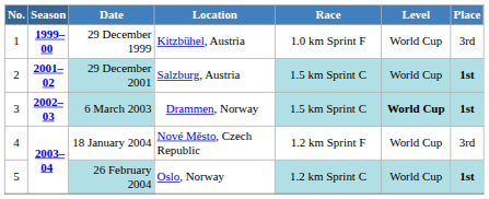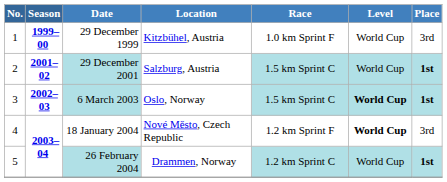 <table class="wikitable sortable" style="font-size:95%; text-align:center; border:grey solid 1px; border-collapse:collapse; background:#ffffff;">
 <tr style="background:#efefef;">
 <th style="background-color:#369; color:white;">No.</th>
 <th style="background-color:#369; color:white;">Season</th>
 <th style="background-color:#4180be; color:white; width:120px;">Date</th>
 <th style="background-color:#4180be; color:white; width:185px;">Location</th>
 <th style="background-color:#4180be; color:white; width:170px;">Race</th>
 <th style="background-color:#4180be; color:white; width:100px;">Level</th>
 <th style="background-color:#4180be; color:white;">Place</th>
 </tr>
 <tr>
 <td align=center>1</td>
 <td rowspan=1 align=center><strong> <a href='#'>1999–00</a> </strong></td>
 <td align=right>29 December 1999</td>
 <td align=left> <a href='#'>Kitzbühel</a>, Austria</td>
 <td>1.0 km Sprint F</td>
 <td>World Cup</td>
 <td>3rd</td>
 </tr>
 <tr>
 <td align=center>2</td>
 <td rowspan=1 align=center><strong><a href='#'>2001–02</a></strong></td>
 <td bgcolor="#BOEOE6" align=right>29 December 2001</td>
 <td align=left> <a href='#'>Salzburg</a>, Austria</td>
 <td bgcolor="#BOEOE6">1.5 km Sprint C</td>
 <td bgcolor="#BOEOE6">World Cup</td>
 <td bgcolor="#BOEOE6"><strong>1st</strong></td>
 </tr>
 <tr>
 <td align=center>3</td>
 <td rowspan=1 align=center><strong><a href='#'>2002–03</a></strong></td>
 <td bgcolor="#BOEOE6" align=right>6 March 2003</td>
-<td align=left>   <a href='#'>Drammen</a>, Norway</td>
+<td align=left> <a href='#'>Oslo</a>, Norway</td>
 <td bgcolor="#BOEOE6">1.5 km Sprint C</td>
 <td bgcolor="#BOEOE6"><strong>World Cup</strong></td>
 <td bgcolor="#BOEOE6"><strong>1st</strong></td>
 </tr>
 <tr>
 <td align=center>4</td>
 <td rowspan=2 align=center><strong> <a href='#'>2003–04</a> </strong></td>
 <td align=right>18 January 2004</td>
 <td align=left> <a href='#'>Nové Město</a>, Czech Republic</td>
 <td>1.2 km Sprint F</td>
-<td>World Cup</td>
+<td><strong>World Cup</strong></td>
 <td>3rd</td>
 </tr>
 <tr>
 <td align=center>5</td>
 <td bgcolor="#BOEOE6" align=right>26 February 2004</td>
-<td align=left> <a href='#'>Oslo</a>, Norway</td>
+<td align=left>   <a href='#'>Drammen</a>, Norway</td>
 <td bgcolor="#BOEOE6">1.2 km Sprint C</td>
 <td bgcolor="#BOEOE6">World Cup</td>
 <td bgcolor="#BOEOE6"><strong>1st</strong></td>
 </tr>
 <tr>
 </tr>
 </table>
